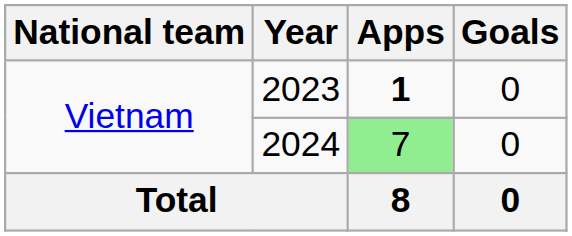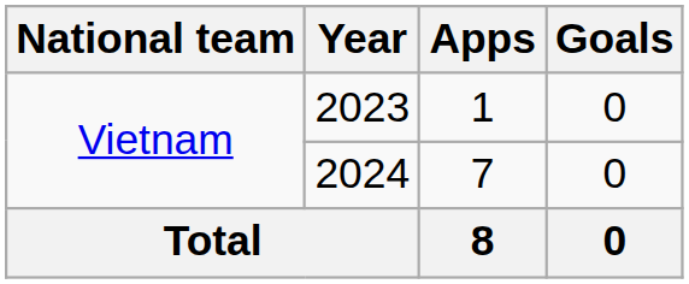 <table class="wikitable" style="text-align: center;">
 <tr>
 <th>National team</th>
 <th>Year</th>
 <th>Apps</th>
 <th>Goals</th>
 </tr>
 <tr>
 <td rowspan=2><a href='#'>Vietnam</a></td>
 <td>2023</td>
-<td><strong>1</strong></td>
+<td>1</td>
 <td>0</td>
 </tr>
 <tr>
 <td>2024</td>
-<td style="background: lightgreen;">7</td>
+<td>7</td>
 <td>0</td>
 </tr>
 <tr>
 <th colspan=2>Total</th>
 <th>8</th>
 <th>0</th>
 </tr>
 </table>
